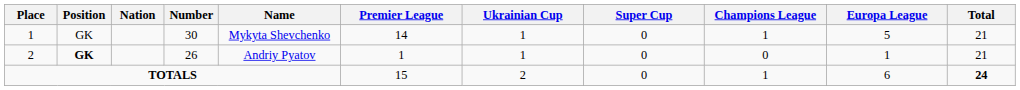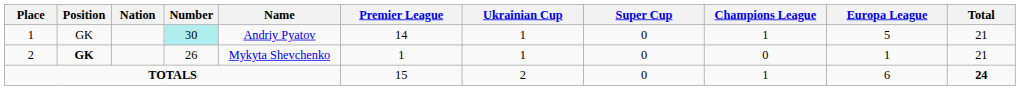 <table class="wikitable" style="font-size: 95%; text-align: center;">
 <tr>
 <th width=60>Place</th>
 <th width=60>Position</th>
 <th width=60>Nation</th>
 <th width=60>Number</th>
 <th width=150>Name</th>
 <th width=150><a href='#'>Premier League</a></th>
 <th width=150><a href='#'>Ukrainian Cup</a></th>
 <th width=150><a href='#'>Super Cup</a></th>
 <th width=150><a href='#'>Champions League</a></th>
 <th width=150><a href='#'>Europa League</a></th>
 <th width=80>Total</th>
 </tr>
 <tr>
 <td>1</td>
 <td>GK</td>
 <td></td>
-<td>30</td>
-<td><a href='#'>Mykyta Shevchenko</a></td>
+<td style="background: paleturquoise;">30</td>
+<td><a href='#'>Andriy Pyatov</a></td>
 <td>14</td>
 <td>1</td>
 <td>0</td>
 <td>1</td>
 <td>5</td>
 <td>21</td>
 </tr>
 <tr>
 <td>2</td>
 <td><strong>GK</strong></td>
 <td></td>
 <td>26</td>
-<td><a href='#'>Andriy Pyatov</a></td>
+<td><a href='#'>Mykyta Shevchenko</a></td>
 <td>1</td>
 <td>1</td>
 <td>0</td>
 <td>0</td>
 <td>1</td>
 <td>21</td>
 </tr>
 <tr>
 <td colspan="5"><strong>TOTALS</strong></td>
 <td>15</td>
 <td>2</td>
 <td>0</td>
 <td>1</td>
 <td>6</td>
 <td><strong>24</strong></td>
 </tr>
 </table>
